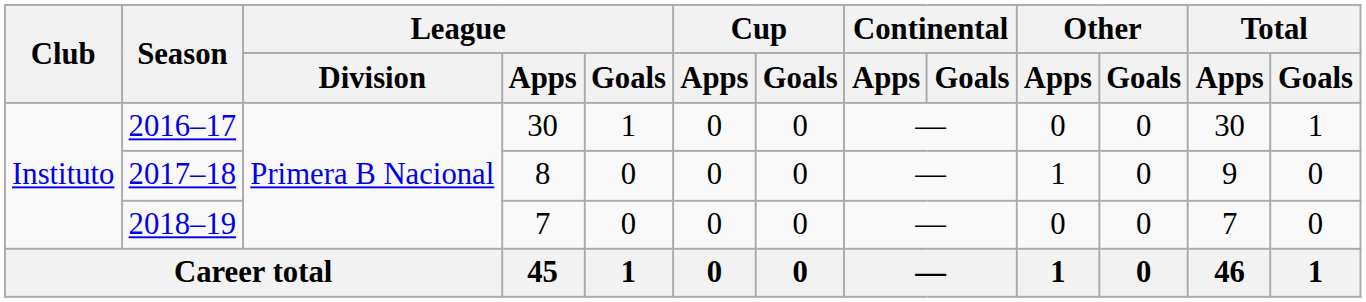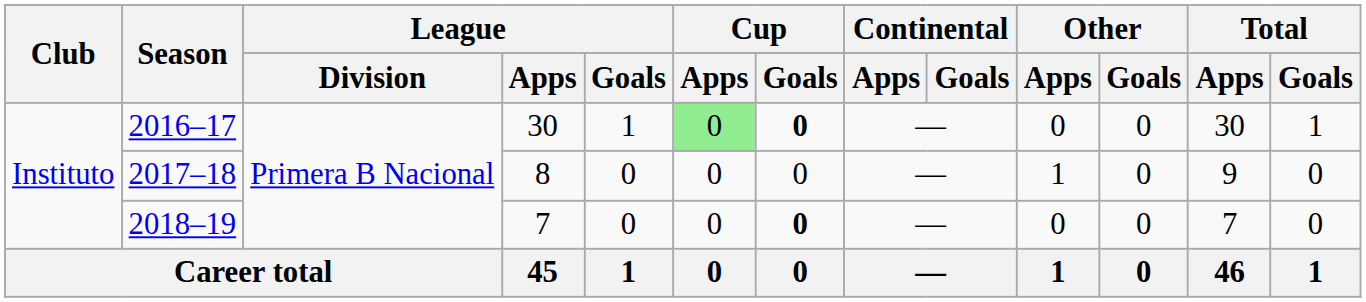 <table class="wikitable" style="text-align:center">
 <tr>
 <th rowspan="2">Club</th>
 <th rowspan="2">Season</th>
 <th colspan="3">League</th>
 <th colspan="2">Cup</th>
 <th colspan="2">Continental</th>
 <th colspan="2">Other</th>
 <th colspan="2">Total</th>
 </tr>
 <tr>
 <th>Division</th>
 <th>Apps</th>
 <th>Goals</th>
 <th>Apps</th>
 <th>Goals</th>
 <th>Apps</th>
 <th>Goals</th>
 <th>Apps</th>
 <th>Goals</th>
 <th>Apps</th>
 <th>Goals</th>
 </tr>
 <tr>
 <td rowspan="3"><a href='#'>Instituto</a></td>
 <td><a href='#'>2016–17</a></td>
 <td rowspan="3"><a href='#'>Primera B Nacional</a></td>
 <td>30</td>
 <td>1</td>
-<td>0</td>
-<td>0</td>
+<td style="background: lightgreen;">0</td>
+<td><strong>0</strong></td>
 <td colspan="2">—</td>
 <td>0</td>
 <td>0</td>
 <td>30</td>
 <td>1</td>
 </tr>
 <tr>
 <td><a href='#'>2017–18</a></td>
 <td>8</td>
 <td>0</td>
 <td>0</td>
 <td>0</td>
 <td colspan="2">—</td>
 <td>1</td>
 <td>0</td>
 <td>9</td>
 <td>0</td>
 </tr>
 <tr>
 <td><a href='#'>2018–19</a></td>
 <td>7</td>
 <td>0</td>
 <td>0</td>
-<td>0</td>
+<td><strong>0</strong></td>
 <td colspan="2">—</td>
 <td>0</td>
 <td>0</td>
 <td>7</td>
 <td>0</td>
 </tr>
 <tr>
 <th colspan="3">Career total</th>
 <th>45</th>
 <th>1</th>
 <th>0</th>
 <th>0</th>
 <th colspan="2">—</th>
 <th>1</th>
 <th>0</th>
 <th>46</th>
 <th>1</th>
 </tr>
 </table>
